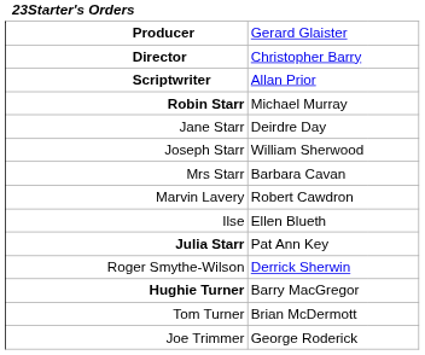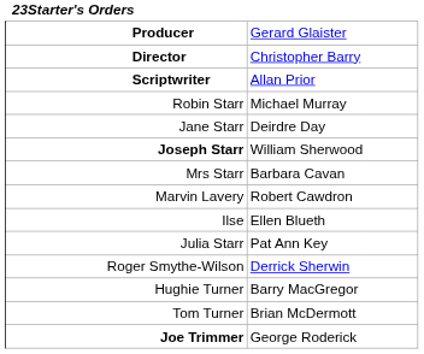 <table class="wikitable mw-collapsible mw-collapsed" style="vertical-align:top;margin:auto 2em;line-height:1.2;min-width:33em;display: inline-table;background-color:inherit;border:none;">
 <tr>
 <td class=unsortable style="border:hidden;line-height:1.67;text-align:center;margin-left:-1em;padding-left:0.5em;min-width:1.0em;"></td>
 <td class=unsortable style="border:none;padding-left:0.5em;text-align:left;min-width:16.5em;font-weight:700;font-style:italic;">23Starter's Orders</td>
 <td class=unsortable style="border:none;text-align:right;font-weight:normal;font-family:Courier;font-size:95%;letter-spacing:-1pt;min-width:8.5em;padding-right:0.2em;"></td>
 <td class=unsortable style="border:hidden;min-width:3.5em;padding-left:0;"></td>
 <td class=unsortable style="border:hidden;min-width:3.5em;font-size:95%;"></td>
 </tr>
 <tr>
 <td rowspan=100 style="border:none thin;border-right-style :solid;"></td>
 </tr>
 <tr>
 <td style="text-align:left;padding-left:9.0em;font-weight:bold;">Producer</td>
 <td colspan=2><a href='#'>Gerard Glaister</a></td>
 </tr>
 <tr>
 <td style="text-align:left;padding-left:9.0em;font-weight:bold;">Director</td>
 <td colspan=2><a href='#'>Christopher Barry</a></td>
 </tr>
 <tr>
 <td style="text-align:left;padding-left:9.0em;font-weight:bold;">Scriptwriter</td>
 <td colspan=2><a href='#'>Allan Prior</a></td>
 </tr>
 <tr>
-<td style="text-align:right;"><strong>Robin Starr</strong></td>
+<td style="text-align:right;">Robin Starr</td>
 <td colspan=2>Michael Murray</td>
 </tr>
 <tr>
 <td style="text-align:right;">Jane Starr</td>
 <td colspan=2>Deirdre Day</td>
 </tr>
 <tr>
-<td style="text-align:right;">Joseph Starr</td>
+<td style="text-align:right;"><strong>Joseph Starr</strong></td>
 <td colspan=2>William Sherwood</td>
 </tr>
 <tr>
 <td style="text-align:right;">Mrs Starr</td>
 <td colspan=2>Barbara Cavan</td>
 </tr>
 <tr>
 <td style="text-align:right;">Marvin Lavery</td>
 <td colspan=2>Robert Cawdron</td>
 </tr>
 <tr>
 <td style="text-align:right;">Ilse</td>
 <td colspan=2>Ellen Blueth</td>
 </tr>
 <tr>
-<td style="text-align:right;"><strong>Julia Starr</strong></td>
+<td style="text-align:right;">Julia Starr</td>
 <td colspan=2>Pat Ann Key</td>
 </tr>
 <tr>
 <td style="text-align:right;">Roger Smythe-Wilson</td>
 <td colspan=2><a href='#'>Derrick Sherwin</a></td>
 </tr>
 <tr>
-<td style="text-align:right;"><strong>Hughie Turner</strong></td>
+<td style="text-align:right;">Hughie Turner</td>
 <td colspan=2>Barry MacGregor</td>
 </tr>
 <tr>
 <td style="text-align:right;">Tom Turner</td>
 <td colspan=2>Brian McDermott</td>
 </tr>
 <tr>
-<td style="text-align:right;">Joe Trimmer</td>
+<td style="text-align:right;"><strong>Joe Trimmer</strong></td>
 <td colspan=2>George Roderick</td>
 </tr>
 </table>
